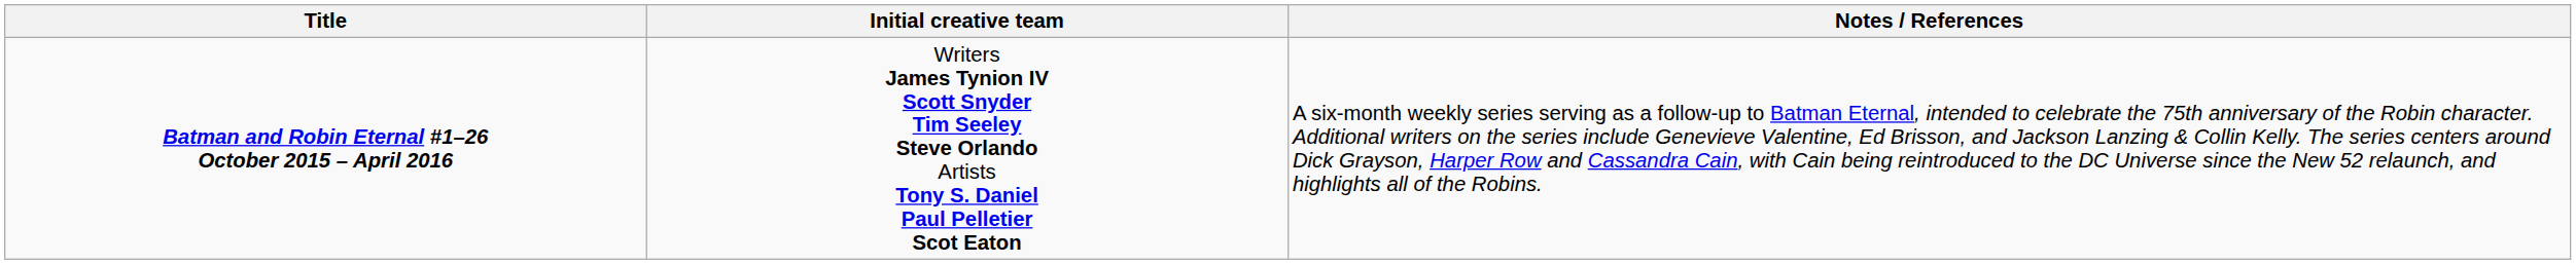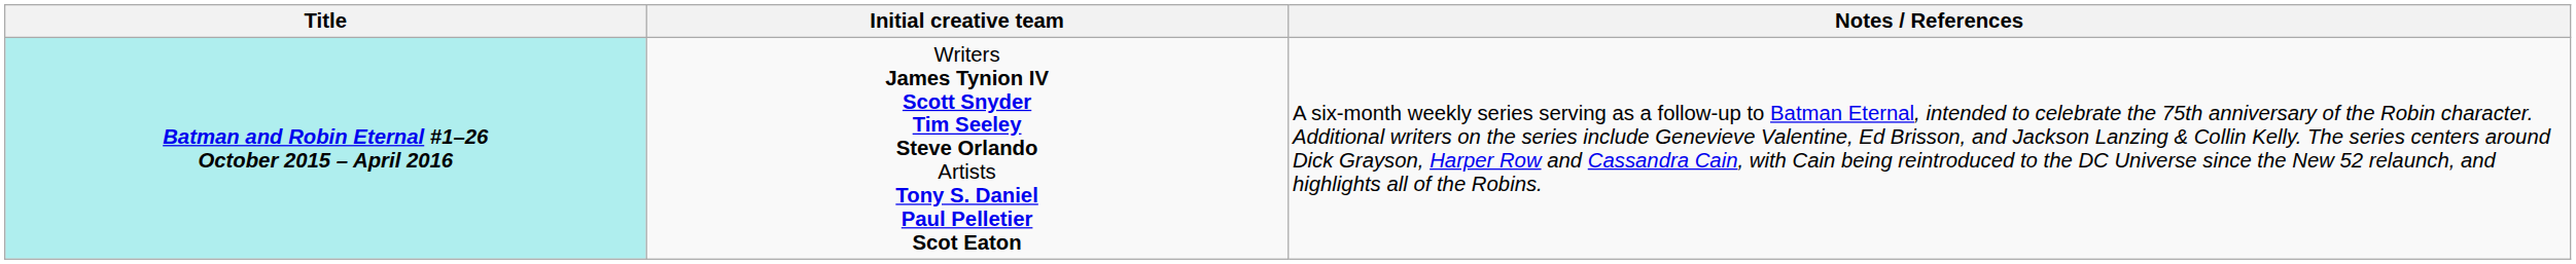 <table class="wikitable sortable" style="text-align:center; font-weight:normal;" width=99%>
 <tr>
 <th scope="col" width="15%" align="center">Title</th>
 <th scope="col" width="15%" align="center" class=unsortable>Initial creative team</th>
 <th scope="col" width="30%" align="center" class=unsortable>Notes / References</th>
 </tr>
 <tr>
-<td scope="row"><strong><em><a href='#'>Batman and Robin Eternal</a><em> #1–26<strong><br>October 2015 – April 2016</td>
+<td scope="row" style="background: paleturquoise;"><strong><em><a href='#'>Batman and Robin Eternal</a><em> #1–26<strong><br>October 2015 – April 2016</td>
 <td></strong>Writers<strong><br>James Tynion IV<br><a href='#'>Scott Snyder</a><br><a href='#'>Tim Seeley</a><br>Steve Orlando<br></strong>Artists<strong><br><a href='#'>Tony S. Daniel</a><br><a href='#'>Paul Pelletier</a><br>Scot Eaton</td>
 <td align="left">A six-month weekly series serving as a follow-up to </em><a href='#'>Batman Eternal</a><em>, intended to celebrate the 75th anniversary of the Robin character. Additional writers on the series include Genevieve Valentine, Ed Brisson, and Jackson Lanzing & Collin Kelly. The series centers around Dick Grayson, <a href='#'>Harper Row</a> and <a href='#'>Cassandra Cain</a>, with Cain being reintroduced to the DC Universe since the New 52 relaunch, and highlights all of the Robins.</td>
 </tr>
 </table>
